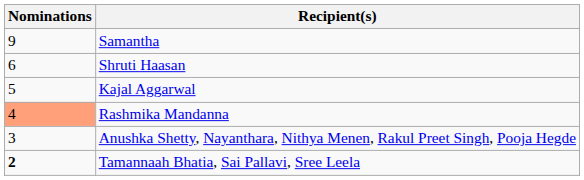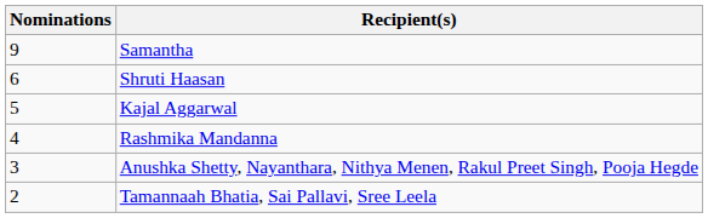 <table class="wikitable">
 <tr>
 <th>Nominations</th>
 <th>Recipient(s)</th>
 </tr>
 <tr>
 <td>9</td>
 <td><a href='#'>Samantha</a></td>
 </tr>
 <tr>
 <td>6</td>
 <td><a href='#'>Shruti Haasan</a></td>
 </tr>
 <tr>
 <td>5</td>
 <td><a href='#'>Kajal Aggarwal</a></td>
 </tr>
 <tr>
-<td style="background: lightsalmon;">4</td>
+<td>4</td>
 <td><a href='#'>Rashmika Mandanna</a></td>
 </tr>
 <tr>
 <td>3</td>
 <td><a href='#'>Anushka Shetty</a>, <a href='#'>Nayanthara</a>, <a href='#'>Nithya Menen</a>, <a href='#'>Rakul Preet Singh</a>, <a href='#'>Pooja Hegde</a></td>
 </tr>
 <tr>
-<td><strong>2</strong></td>
+<td>2</td>
 <td><a href='#'>Tamannaah Bhatia</a>, <a href='#'>Sai Pallavi</a>, <a href='#'>Sree Leela</a></td>
 </tr>
 </table>
